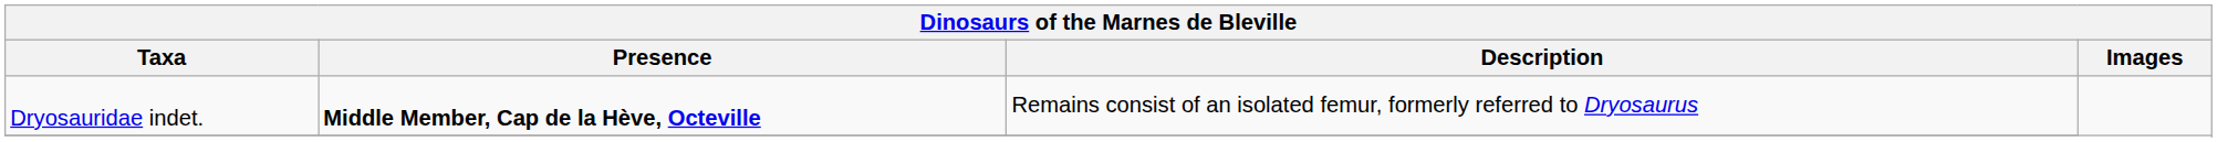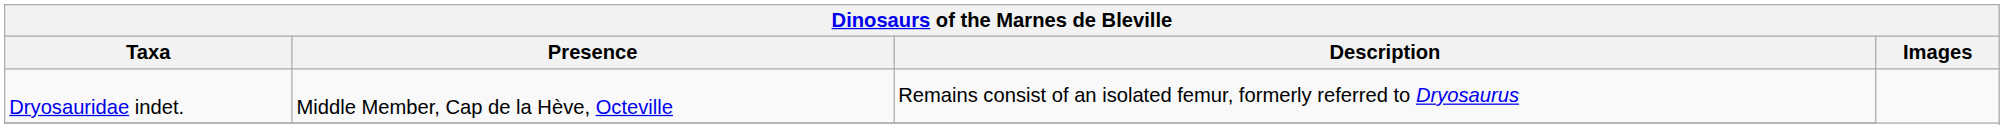 <table class="wikitable" align="center" width="100%">
 <tr>
 <th colspan="5" align="center"><strong><a href='#'>Dinosaurs</a> of the Marnes de Bleville</strong></th>
 </tr>
 <tr>
 <th>Taxa</th>
 <th>Presence</th>
 <th>Description</th>
 <th>Images</th>
 </tr>
 <tr>
 <td><br><a href='#'>Dryosauridae</a> indet.</td>
-<td><strong><br>Middle Member, Cap de la Hève, <a href='#'>Octeville</a></strong></td>
+<td><br>Middle Member, Cap de la Hève, <a href='#'>Octeville</a></td>
 <td>Remains consist of an isolated femur, formerly referred to <em><a href='#'>Dryosaurus</a></em> </td>
 <td rowspan="99"></td>
 </tr>
 <tr>
 </tr>
 </table>
